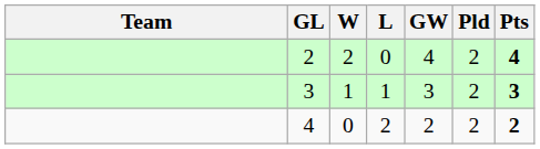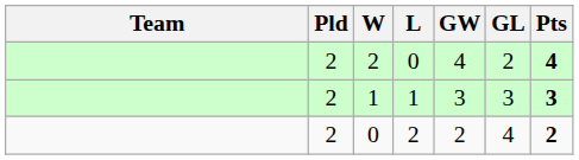 <table class="wikitable" style="text-align:center">
 <tr>
 <th width=200>Team</th>
-<th width=20>GL</th>
+<th width=20>Pld</th>
 <th width=20>W</th>
 <th width=20>L</th>
 <th width=20>GW</th>
-<th width=20>Pld</th>
+<th width=20>GL</th>
 <th width=20>Pts</th>
 </tr>
 <tr bgcolor=ccffcc>
 <td style="text-align:left;"></td>
 <td>2</td>
 <td>2</td>
 <td>0</td>
 <td>4</td>
 <td>2</td>
 <td><strong>4</strong></td>
 </tr>
 <tr bgcolor=ccffcc>
 <td style="text-align:left;"></td>
-<td>3</td>
+<td>2</td>
 <td>1</td>
 <td>1</td>
 <td>3</td>
-<td>2</td>
+<td>3</td>
 <td><strong>3</strong></td>
 </tr>
 <tr>
 <td style="text-align:left;"></td>
-<td>4</td>
+<td>2</td>
 <td>0</td>
 <td>2</td>
 <td>2</td>
-<td>2</td>
+<td>4</td>
 <td><strong>2</strong></td>
 </tr>
 </table>
